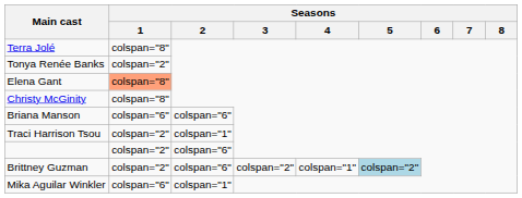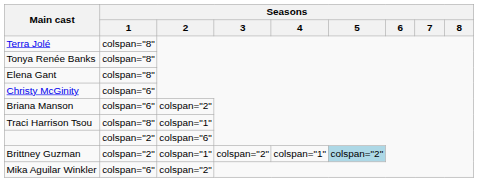 <table class="wikitable plainrowheaders" width="60%">
 <tr>
 <th scope="col" rowspan="2" style="width:25%;">Main cast</th>
 <th scope="col" colspan="8">Seasons</th>
 </tr>
 <tr>
 <th scope="col" style="width:8%;">1</th>
 <th scope="col" style="width:8%;">2</th>
 <th scope="col" style="width:8%;">3</th>
 <th scope="col" style="width:8%;">4</th>
 <th scope="col" style="width:8%;">5</th>
 <th scope="col" style="width:8%;">6</th>
 <th scope="col" style="width:8%;">7</th>
 <th scope="col" style="width:8%;">8</th>
 </tr>
 <tr>
 <td scope="row"><a href='#'>Terra Jolé</a></td>
 <td>colspan="8" </td>
 </tr>
 <tr>
 <td scope="row">Tonya Renée Banks</td>
-<td>colspan="2" </td>
+<td>colspan="8" </td>
 </tr>
 <tr>
 <td scope="row">Elena Gant</td>
-<td style="background: lightsalmon;">colspan="8" </td>
+<td>colspan="8" </td>
 </tr>
 <tr>
 <td scope="row"><a href='#'>Christy McGinity</a></td>
-<td>colspan="8" </td>
+<td>colspan="6" </td>
 </tr>
 <tr>
 <td scope="row">Briana Manson</td>
 <td>colspan="6" </td>
-<td>colspan="6" </td>
+<td>colspan="2" </td>
 </tr>
 <tr>
 <td scope="row">Traci Harrison Tsou</td>
-<td>colspan="2" </td>
+<td>colspan="8" </td>
 <td>colspan="1" </td>
 </tr>
 <tr>
 <td scope="row"></td>
 <td>colspan="2" </td>
 <td>colspan="6" </td>
 </tr>
 <tr>
 <td scope="row">Brittney Guzman</td>
 <td>colspan="2" </td>
-<td>colspan="6" </td>
+<td>colspan="1" </td>
 <td>colspan="2" </td>
 <td>colspan="1" </td>
 <td style="background: lightblue;">colspan="2" </td>
 </tr>
 <tr>
 <td scope="row">Mika Aguilar Winkler</td>
 <td>colspan="6" </td>
-<td>colspan="1" </td>
+<td>colspan="2" </td>
 </tr>
 </table>
